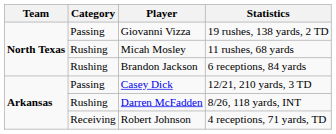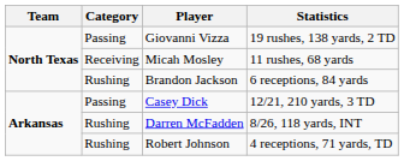 <table class="wikitable" style="float: left;">
 <tr>
 <th>Team</th>
 <th>Category</th>
 <th>Player</th>
 <th>Statistics</th>
 </tr>
 <tr>
 <td rowspan=3><strong>North Texas</strong></td>
 <td>Passing</td>
 <td>Giovanni Vizza</td>
 <td>19 rushes, 138 yards, 2 TD</td>
 </tr>
 <tr>
-<td>Rushing</td>
+<td>Receiving</td>
 <td>Micah Mosley</td>
 <td>11 rushes, 68 yards</td>
 </tr>
 <tr>
 <td>Rushing</td>
 <td>Brandon Jackson</td>
 <td>6 receptions, 84 yards</td>
 </tr>
 <tr>
 <td rowspan=3><strong>Arkansas</strong></td>
 <td>Passing</td>
 <td><a href='#'>Casey Dick</a></td>
 <td>12/21, 210 yards, 3 TD</td>
 </tr>
 <tr>
 <td>Rushing</td>
 <td><a href='#'>Darren McFadden</a></td>
 <td>8/26, 118 yards, INT</td>
 </tr>
 <tr>
-<td>Receiving</td>
+<td>Rushing</td>
 <td>Robert Johnson</td>
 <td>4 receptions, 71 yards, TD</td>
 </tr>
 </table>
